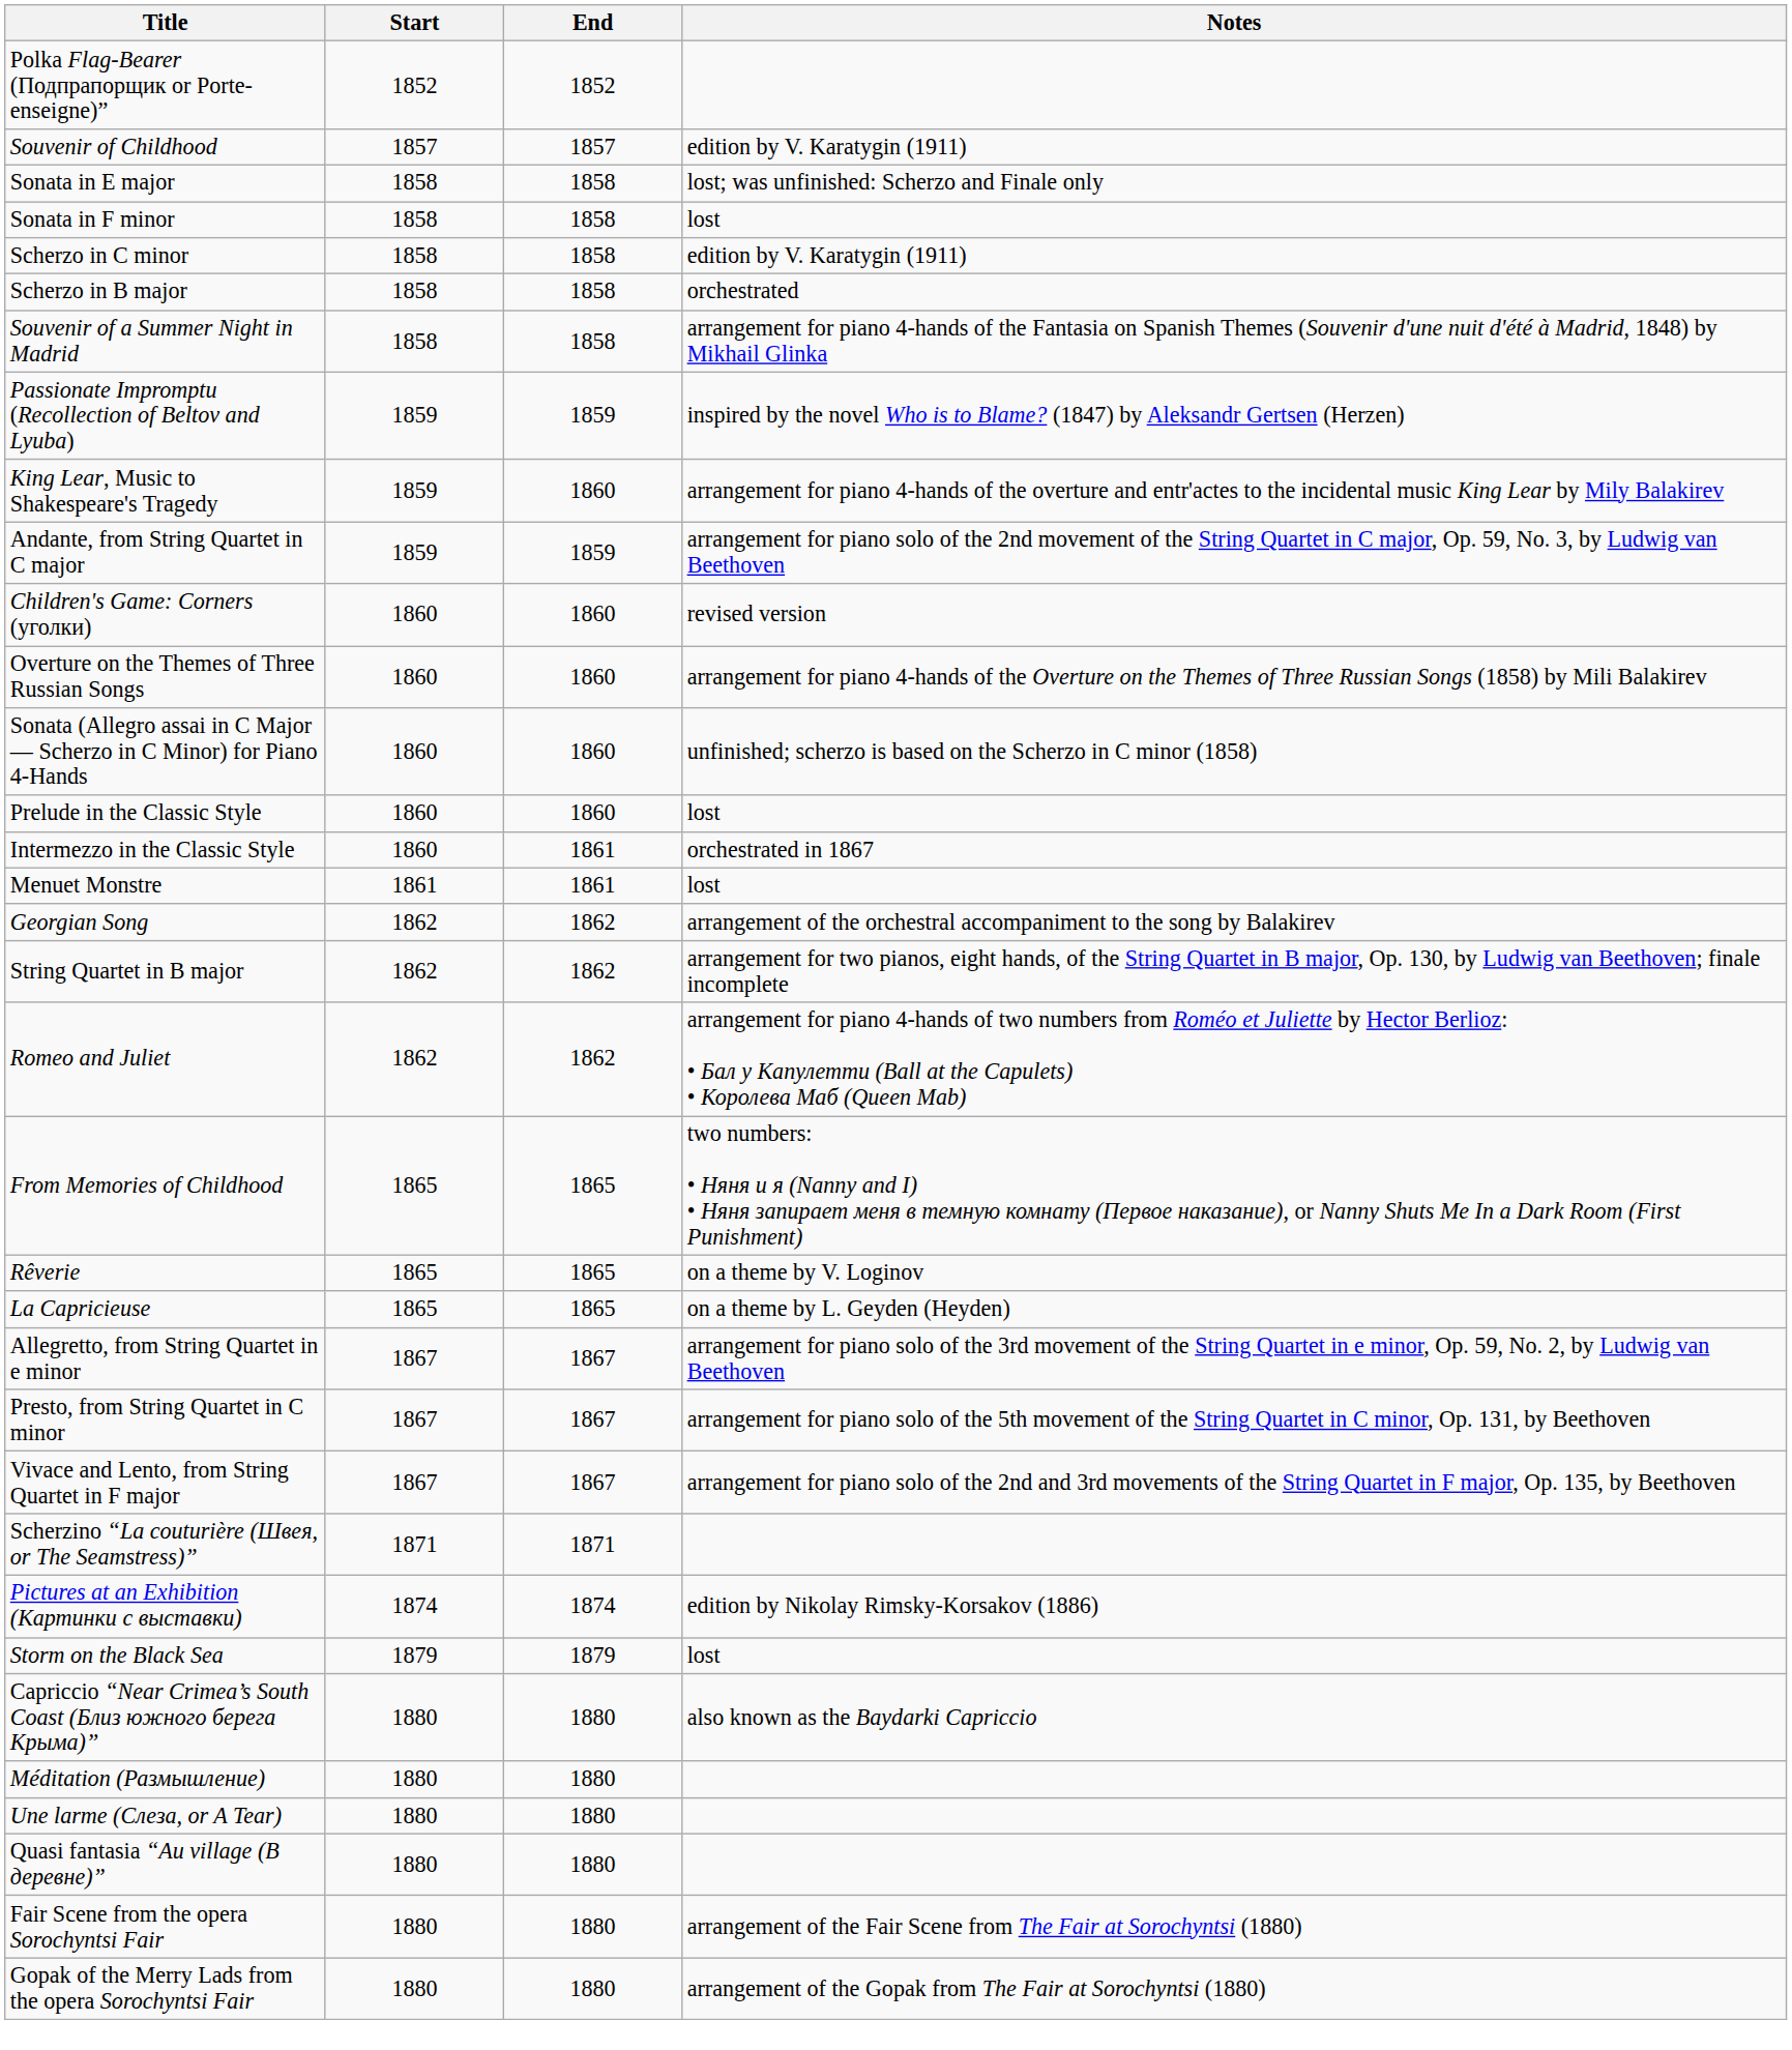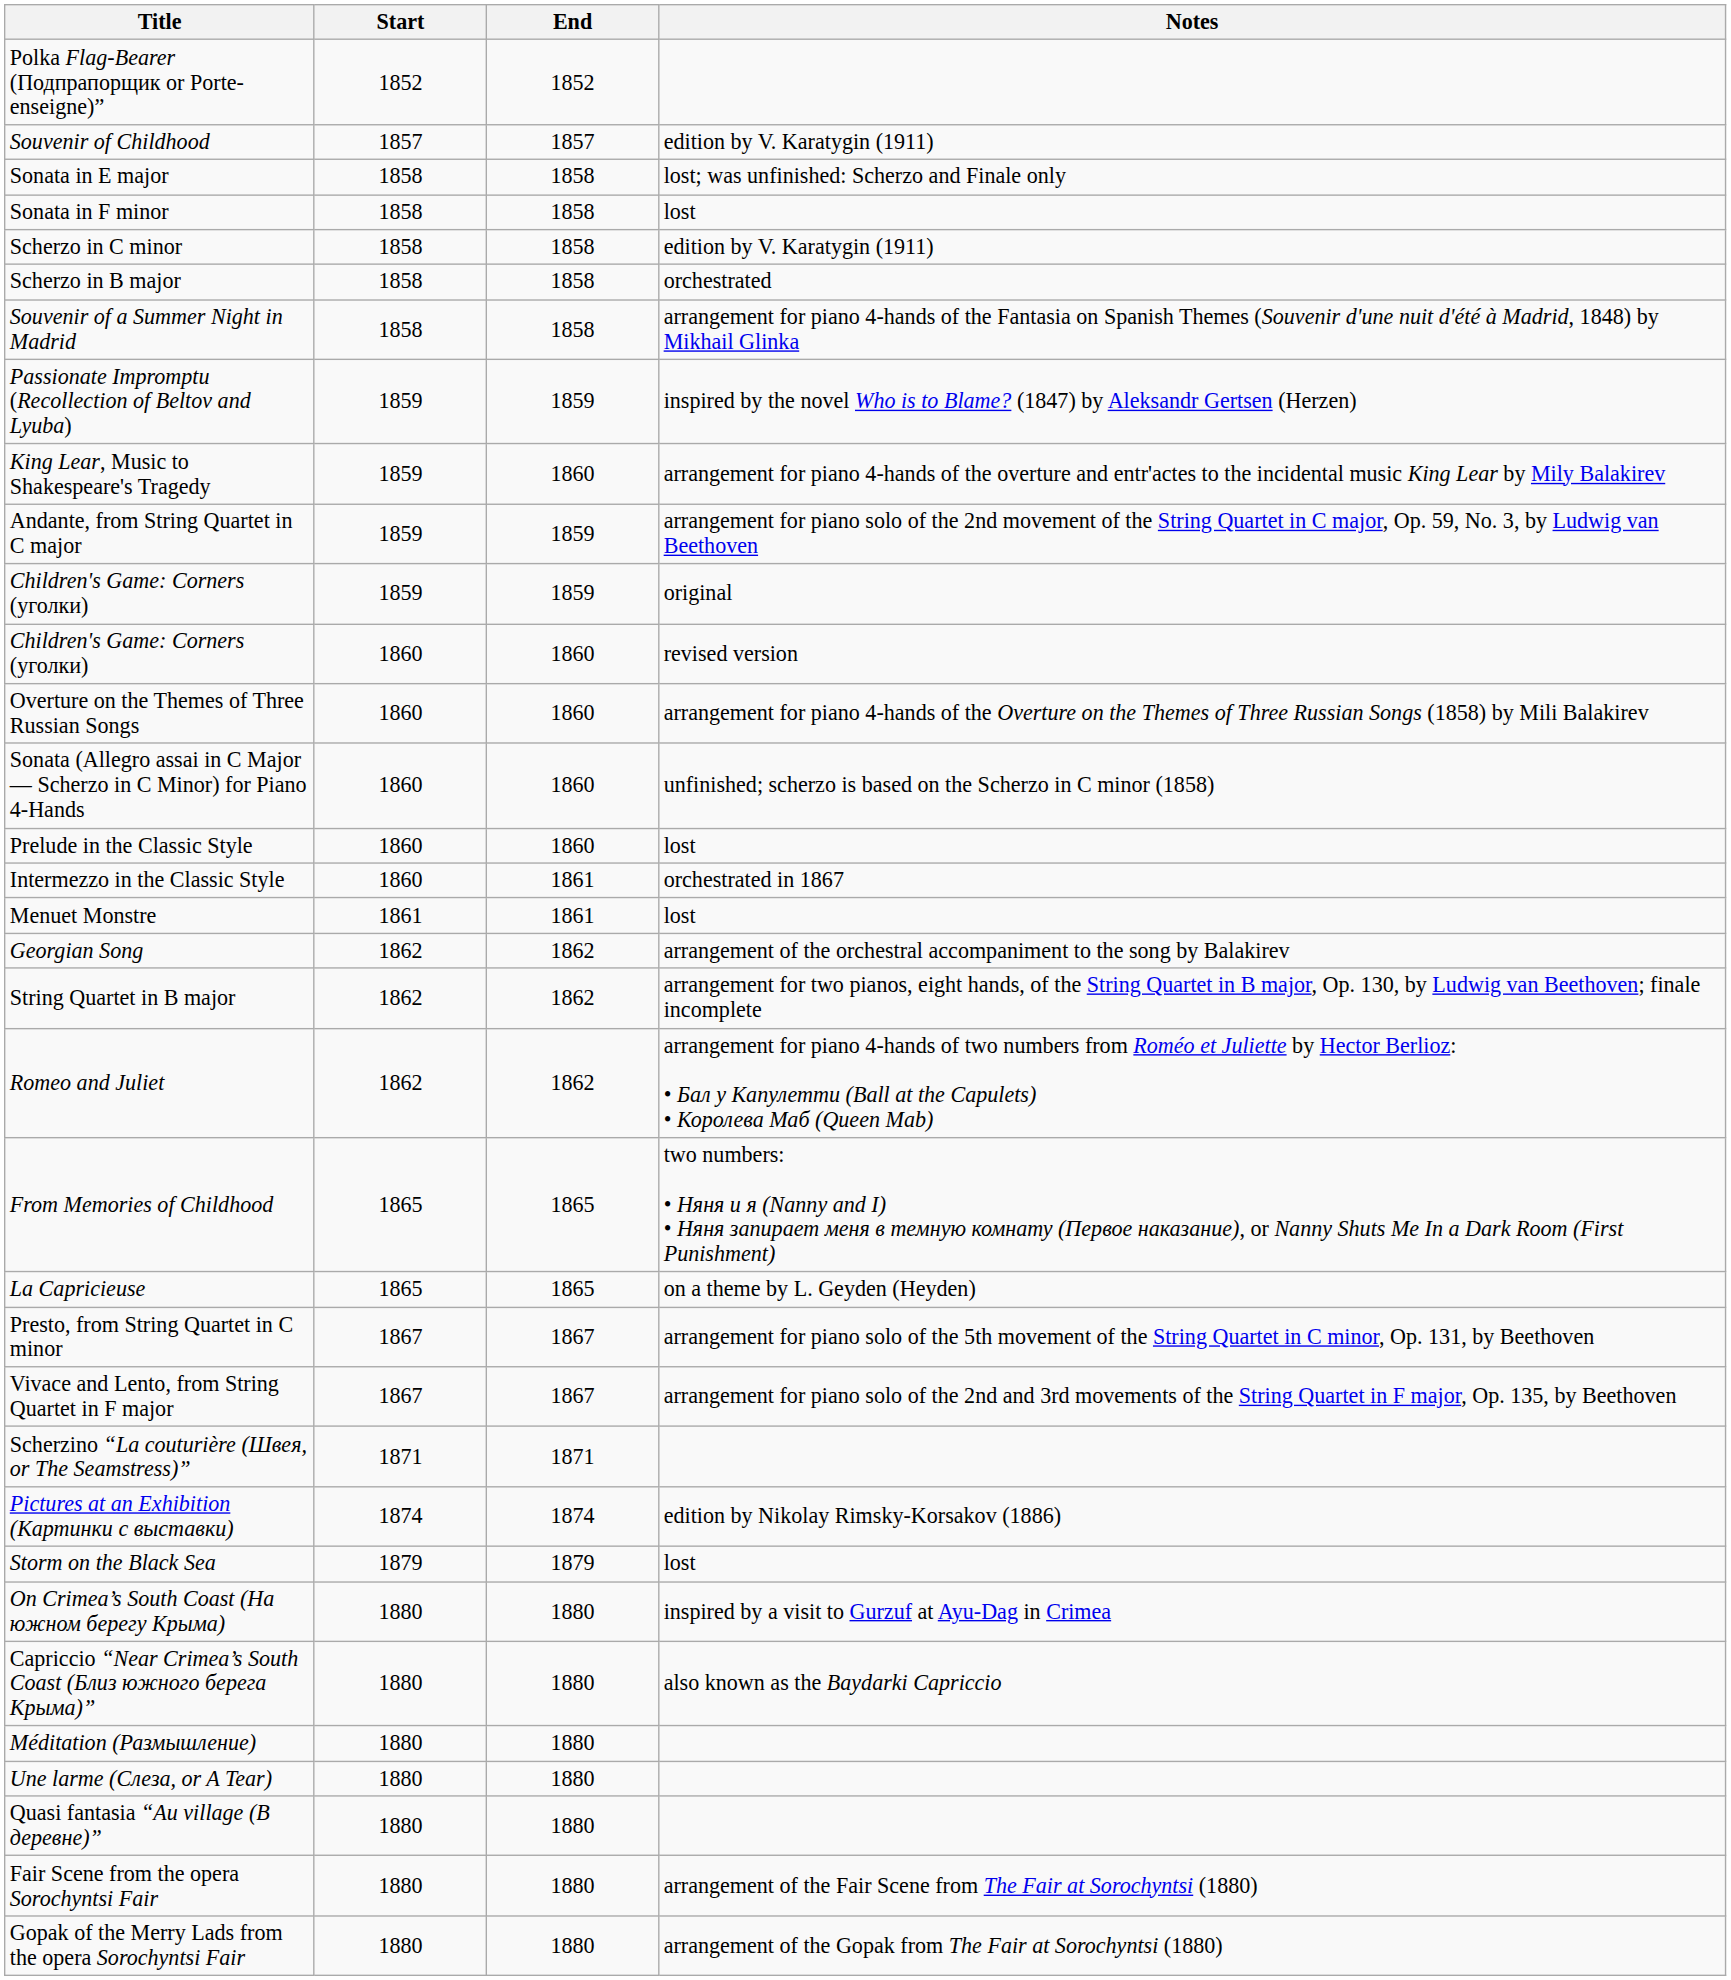 <table class="wikitable sortable">
 <tr>
 <th style="width:18%;">Title</th>
 <th style="width:10%;">Start</th>
 <th style="width:10%;">End</th>
 <th style="width:62%;">Notes</th>
 </tr>
 <tr>
 <td>Polka <em>Flag-Bearer</em> (Подпрапорщик or Porte-enseigne)”</td>
 <td align="center">1852</td>
 <td align=center>1852</td>
 <td></td>
 </tr>
 <tr>
 <td><em>Souvenir of Childhood</em></td>
 <td align="center">1857</td>
 <td align=center>1857</td>
 <td>edition by V. Karatygin (1911)</td>
 </tr>
 <tr>
 <td>Sonata in E major</td>
 <td align="center">1858</td>
 <td align=center>1858</td>
 <td>lost; was unfinished: Scherzo and Finale only</td>
 </tr>
 <tr>
 <td>Sonata in F minor</td>
 <td align="center">1858</td>
 <td align=center>1858</td>
 <td>lost</td>
 </tr>
 <tr>
 <td>Scherzo in C minor</td>
 <td align="center">1858</td>
 <td align=center>1858</td>
 <td>edition by V. Karatygin (1911)</td>
 </tr>
 <tr>
 <td>Scherzo in B major</td>
 <td align="center">1858</td>
 <td align=center>1858</td>
 <td>orchestrated</td>
 </tr>
 <tr>
 <td><em>Souvenir of a Summer Night in Madrid</em></td>
 <td align="center">1858</td>
 <td align=center>1858</td>
 <td>arrangement for piano 4-hands of the Fantasia on Spanish Themes (<em>Souvenir d'une nuit d'été à Madrid</em>, 1848) by <a href='#'>Mikhail Glinka</a></td>
 </tr>
 <tr>
 <td><em>Passionate Impromptu</em> (<em>Recollection of Beltov and Lyuba</em>)</td>
 <td align="center">1859</td>
 <td align=center>1859</td>
 <td>inspired by the novel <em><a href='#'>Who is to Blame?</a></em> (1847) by <a href='#'>Aleksandr Gertsen</a> (Herzen)</td>
 </tr>
 <tr>
 <td><em>King Lear</em>, Music to Shakespeare's Tragedy</td>
 <td align=center>1859</td>
 <td align=center>1860</td>
 <td>arrangement for piano 4-hands of the overture and entr'actes to the incidental music <em>King Lear</em> by <a href='#'>Mily Balakirev</a></td>
 </tr>
 <tr>
 <td>Andante, from String Quartet in C major</td>
 <td align=center>1859</td>
 <td align=center>1859</td>
 <td>arrangement for piano solo of the 2nd movement of the <a href='#'>String Quartet in C major</a>, Op. 59, No. 3, by <a href='#'>Ludwig van Beethoven</a></td>
 </tr>
 <tr>
 <td><em>Children's Game: Corners</em> (уголки)</td>
+<td align="center">1859</td>
+<td align=center>1859</td>
+<td>original</td>
+</tr>
+<tr>
+<td><em>Children's Game: Corners</em> (уголки)</td>
 <td align="center">1860</td>
 <td align=center>1860</td>
 <td>revised version</td>
 </tr>
 <tr>
 <td>Overture on the Themes of Three Russian Songs</td>
 <td align=center>1860</td>
 <td align=center>1860</td>
 <td>arrangement for piano 4-hands of the <em>Overture on the Themes of Three Russian Songs</em> (1858) by Mili Balakirev</td>
 </tr>
 <tr>
 <td>Sonata (Allegro assai in C Major — Scherzo in C Minor) for Piano 4-Hands</td>
 <td align=center>1860</td>
 <td align=center>1860</td>
 <td>unfinished; scherzo is based on the Scherzo in C minor (1858)</td>
 </tr>
 <tr>
 <td>Prelude in the Classic Style</td>
 <td align=center>1860</td>
 <td align=center>1860</td>
 <td>lost</td>
 </tr>
 <tr>
 <td>Intermezzo in the Classic Style</td>
 <td align=center>1860</td>
 <td align=center>1861</td>
 <td>orchestrated in 1867</td>
 </tr>
 <tr>
 <td>Menuet Monstre</td>
 <td align=center>1861</td>
 <td align=center>1861</td>
 <td>lost</td>
 </tr>
 <tr>
 <td><em>Georgian Song</em></td>
 <td align="center">1862</td>
 <td align=center>1862</td>
 <td>arrangement of the orchestral accompaniment to the song by Balakirev</td>
 </tr>
 <tr>
 <td>String Quartet in B major</td>
 <td align="center">1862</td>
 <td align=center>1862</td>
 <td>arrangement for two pianos, eight hands, of the <a href='#'>String Quartet in B major</a>, Op. 130, by <a href='#'>Ludwig van Beethoven</a>; finale incomplete</td>
 </tr>
 <tr>
 <td><em>Romeo and Juliet</em></td>
 <td align="center">1862</td>
 <td align=center>1862</td>
 <td>arrangement for piano 4-hands of two numbers from <em><a href='#'>Roméo et Juliette</a></em> by <a href='#'>Hector Berlioz</a>:<br><br>• <em>Бал у Капулетти (Ball at the Capulets)</em><br> • <em>Королева Маб (Queen Mab)</em></td>
 </tr>
 <tr>
 <td><em>From Memories of Childhood</em></td>
 <td align="center">1865</td>
 <td align=center>1865</td>
 <td>two numbers:<br><br>• <em>Няня и я (Nanny and I)</em><br> • <em>Няня запирает меня в темную комнату (Первое наказание)</em>, or <em>Nanny Shuts Me In a Dark Room (First Punishment)</em></td>
 </tr>
 <tr>
-<td><em>Rêverie</em></td>
-<td align="center">1865</td>
-<td align=center>1865</td>
-<td>on a theme by V. Loginov</td>
-</tr>
-<tr>
 <td><em>La Capricieuse</em></td>
 <td align="center">1865</td>
 <td align=center>1865</td>
 <td>on a theme by L. Geyden (Heyden)</td>
-</tr>
-<tr>
-<td>Allegretto, from String Quartet in e minor</td>
-<td align=center>1867</td>
-<td align=center>1867</td>
-<td>arrangement for piano solo of the 3rd movement of the <a href='#'>String Quartet in e minor</a>, Op. 59, No. 2, by <a href='#'>Ludwig van Beethoven</a></td>
 </tr>
 <tr>
 <td>Presto, from String Quartet in C minor</td>
 <td align="center">1867</td>
 <td align=center>1867</td>
 <td>arrangement for piano solo of the 5th movement of the <a href='#'>String Quartet in C minor</a>, Op. 131, by Beethoven</td>
 </tr>
 <tr>
 <td>Vivace and Lento, from String Quartet in F major</td>
 <td align=center>1867</td>
 <td align=center>1867</td>
 <td>arrangement for piano solo of the 2nd and 3rd movements of the <a href='#'>String Quartet in F major</a>, Op. 135, by Beethoven</td>
 </tr>
 <tr>
 <td>Scherzino <em>“La couturière (Швея, or The Seamstress)”</em></td>
 <td align=center>1871</td>
 <td align=center>1871</td>
 <td></td>
 </tr>
 <tr>
 <td><em><a href='#'>Pictures at an Exhibition</a> (Картинки с выставки)</em></td>
 <td align=center>1874</td>
 <td align=center>1874</td>
 <td>edition by Nikolay Rimsky-Korsakov (1886)</td>
 </tr>
 <tr>
 <td><em>Storm on the Black Sea</em></td>
 <td align="center">1879</td>
 <td align=center>1879</td>
 <td>lost</td>
+</tr>
+<tr>
+<td><em>On Crimea’s South Coast (На южном берегу Крыма)</em></td>
+<td align=center>1880</td>
+<td align=center>1880</td>
+<td>inspired by a visit to <a href='#'>Gurzuf</a> at <a href='#'>Ayu-Dag</a> in <a href='#'>Crimea</a></td>
 </tr>
 <tr>
 <td>Capriccio <em>“Near Crimea’s South Coast (Близ южного берега Крыма)”</em></td>
 <td align=center>1880</td>
 <td align=center>1880</td>
 <td>also known as the <em>Baydarki Capriccio</em></td>
 </tr>
 <tr>
 <td><em>Méditation (Размышление)</em></td>
 <td align=center>1880</td>
 <td align=center>1880</td>
 <td></td>
 </tr>
 <tr>
 <td><em>Une larme (Слеза, or A Tear)</em></td>
 <td align=center>1880</td>
 <td align=center>1880</td>
 <td></td>
 </tr>
 <tr>
 <td>Quasi fantasia <em>“Au village (В деревне)”</em></td>
 <td align=center>1880</td>
 <td align=center>1880</td>
 <td></td>
 </tr>
 <tr>
 <td>Fair Scene from the opera <em>Sorochyntsi Fair</em></td>
 <td align=center>1880</td>
 <td align=center>1880</td>
 <td>arrangement of the Fair Scene from <em><a href='#'>The Fair at Sorochyntsi</a></em> (1880)</td>
 </tr>
 <tr>
 <td>Gopak of the Merry Lads from the opera <em>Sorochyntsi Fair</em></td>
 <td align=center>1880</td>
 <td align=center>1880</td>
 <td>arrangement of the Gopak from <em>The Fair at Sorochyntsi</em> (1880)</td>
 </tr>
 </table>
